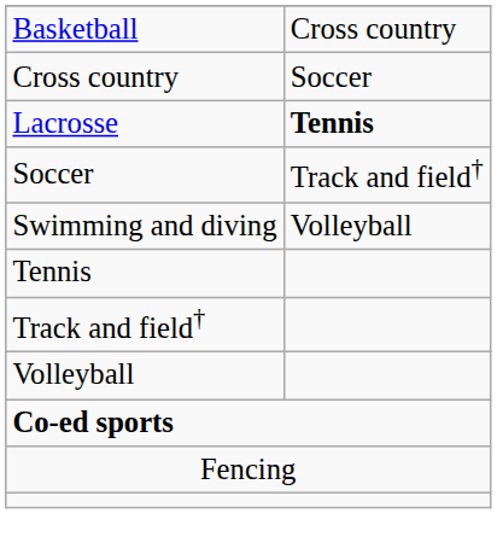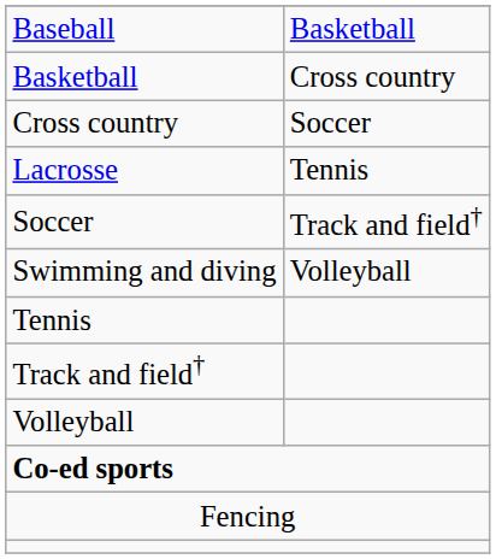 <table class="wikitable" style=" ">
 <tr>
+</tr>
+<tr>
+<td><a href='#'>Baseball</a></td>
+<td><a href='#'>Basketball</a></td>
 </tr>
 <tr>
 <td><a href='#'>Basketball</a></td>
 <td>Cross country</td>
 </tr>
 <tr>
 <td>Cross country</td>
 <td>Soccer</td>
 </tr>
 <tr>
 <td><a href='#'>Lacrosse</a></td>
-<td><strong>Tennis</strong></td>
+<td>Tennis</td>
 </tr>
 <tr>
 <td>Soccer</td>
 <td>Track and field<sup>†</sup></td>
 </tr>
 <tr>
 <td>Swimming and diving</td>
 <td>Volleyball</td>
 </tr>
 <tr>
 <td>Tennis</td>
 <td></td>
 </tr>
 <tr>
 <td>Track and field<sup>†</sup></td>
 <td></td>
 </tr>
 <tr>
 <td>Volleyball</td>
 <td></td>
 </tr>
 <tr>
 <td colspan="2"><strong>Co-ed sports</strong></td>
 </tr>
 <tr style="text-align:center">
 <td colspan="2">Fencing</td>
 </tr>
 <tr>
 <td colspan="2"></td>
 </tr>
 </table>
